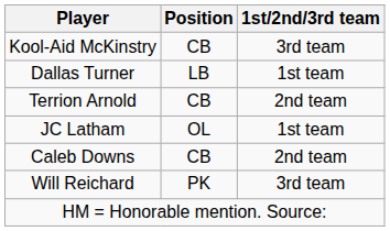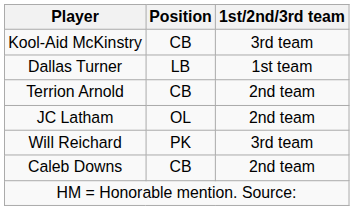 <table class="wikitable" style="text-align: center">
 <tr>
 <th>Player</th>
 <th>Position</th>
 <th>1st/2nd/3rd team</th>
 </tr>
 <tr>
 <td>Kool-Aid McKinstry</td>
 <td>CB</td>
 <td>3rd team</td>
 </tr>
 <tr>
 <td>Dallas Turner</td>
 <td>LB</td>
 <td>1st team</td>
 </tr>
 <tr>
 <td>Terrion Arnold</td>
 <td>CB</td>
 <td>2nd team</td>
 </tr>
 <tr>
 <td>JC Latham</td>
 <td>OL</td>
-<td>1st team</td>
-</tr>
-<tr>
-<td>Caleb Downs</td>
-<td>CB</td>
 <td>2nd team</td>
 </tr>
 <tr>
 <td>Will Reichard</td>
 <td>PK</td>
 <td>3rd team</td>
 </tr>
 <tr>
+<td>Caleb Downs</td>
+<td>CB</td>
+<td>2nd team</td>
+</tr>
+<tr>
 <td colspan="3">HM = Honorable mention. Source:</td>
 </tr>
 </table>
